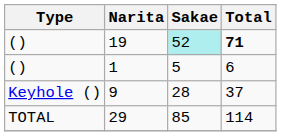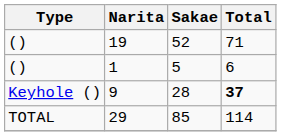 <table class="wikitable">
 <tr>
 <th>Type</th>
 <th>Narita</th>
 <th>Sakae</th>
 <th>Total</th>
 </tr>
 <tr>
 <td> ()</td>
 <td>19</td>
-<td style="background: paleturquoise;">52</td>
-<td><strong>71</strong></td>
+<td>52</td>
+<td>71</td>
 </tr>
 <tr>
 <td> ()</td>
 <td>1</td>
 <td>5</td>
 <td>6</td>
 </tr>
 <tr>
 <td><a href='#'>Keyhole</a> ()</td>
 <td>9</td>
 <td>28</td>
-<td>37</td>
+<td><strong>37</strong></td>
 </tr>
 <tr>
 <td>TOTAL</td>
 <td>29</td>
 <td>85</td>
 <td>114</td>
 </tr>
 <tr>
 </tr>
 </table>
